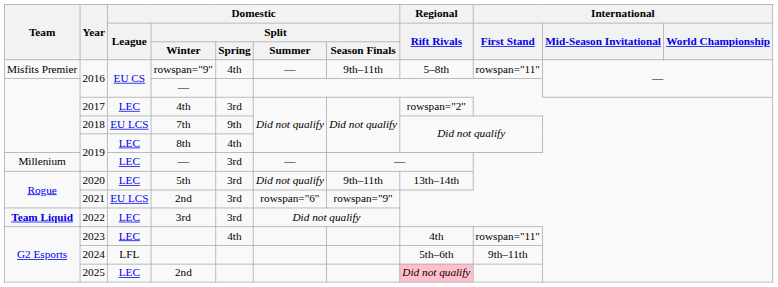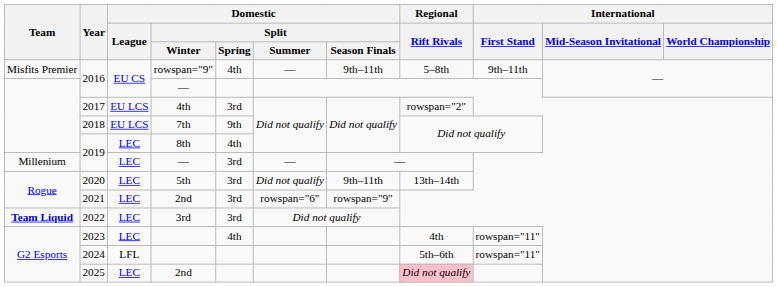 <table class="wikitable" style="font-size:90%; text-align:center;">
 <tr style="background:#f0f6ff;">
 <th rowspan=3>Team</th>
 <th rowspan=3>Year</th>
 <th colspan=5>Domestic</th>
 <th>Regional</th>
 <th colspan=3>International</th>
 </tr>
 <tr>
 <th rowspan=2>League</th>
 <th colspan=4>Split</th>
 <th rowspan=2><a href='#'>Rift Rivals</a></th>
 <th rowspan=2><a href='#'>First Stand</a></th>
 <th rowspan=2><a href='#'>Mid-Season Invitational</a></th>
 <th rowspan=2><a href='#'>World Championship</a></th>
 </tr>
 <tr>
 <th>Winter</th>
 <th>Spring</th>
 <th>Summer</th>
 <th>Season Finals</th>
 </tr>
 <tr>
 <td>Misfits Premier</td>
 <td rowspan="2">2016</td>
 <td rowspan="2"><a href='#'>EU CS</a></td>
 <td>rowspan="9" </td>
 <td>4th</td>
 <td>—</td>
 <td>9th–11th</td>
 <td>5–8th</td>
-<td>rowspan="11" </td>
+<td>9th–11th</td>
 <td colspan="2" rowspan="2">—</td>
 </tr>
 <tr>
 <td rowspan="4"></td>
 <td>—</td>
 <td></td>
 </tr>
 <tr>
 <td>2017</td>
-<td><a href='#'>LEC</a></td>
+<td><a href='#'>EU LCS</a></td>
 <td>4th</td>
 <td>3rd</td>
 <td rowspan="3"><em>Did not qualify</em></td>
 <td rowspan="3"><em>Did not qualify</em></td>
 <td>rowspan="2" </td>
 </tr>
 <tr>
 <td>2018</td>
 <td><a href='#'>EU LCS</a></td>
 <td>7th</td>
 <td>9th</td>
 <td colspan="2" rowspan="2"><em>Did not qualify</em></td>
 </tr>
 <tr>
 <td rowspan="2">2019</td>
 <td><a href='#'>LEC</a></td>
 <td>8th</td>
 <td>4th</td>
 </tr>
 <tr>
 <td>Millenium</td>
 <td><a href='#'>LEC</a></td>
 <td>—</td>
 <td>3rd</td>
 <td>—</td>
 <td colspan="2">—</td>
 </tr>
 <tr>
 <td rowspan="2"><a href='#'>Rogue</a></td>
 <td>2020</td>
 <td><a href='#'>LEC</a></td>
 <td>5th</td>
 <td>3rd</td>
 <td><em>Did not qualify</em></td>
 <td>9th–11th</td>
 <td>13th–14th</td>
 </tr>
 <tr>
 <td>2021</td>
-<td><a href='#'>EU LCS</a></td>
+<td><a href='#'>LEC</a></td>
 <td>2nd</td>
 <td>3rd</td>
 <td>rowspan="6" </td>
 <td>rowspan="9" </td>
 </tr>
 <tr>
 <td><strong><a href='#'>Team Liquid</a></strong></td>
 <td>2022</td>
 <td><a href='#'>LEC</a></td>
 <td>3rd</td>
 <td>3rd</td>
 <td colspan="2"><em>Did not qualify</em></td>
 </tr>
 <tr>
 <td rowspan="3"><a href='#'>G2 Esports</a></td>
 <td>2023</td>
 <td><a href='#'>LEC</a></td>
 <td></td>
 <td>4th</td>
 <td></td>
 <td></td>
 <td>4th</td>
 <td>rowspan="11" </td>
 </tr>
 <tr>
 <td>2024</td>
 <td>LFL</td>
 <td></td>
 <td></td>
 <td></td>
 <td></td>
 <td>5th–6th</td>
-<td>9th–11th</td>
+<td>rowspan="11" </td>
 </tr>
 <tr>
 <td>2025</td>
 <td><a href='#'>LEC</a></td>
 <td>2nd</td>
 <td></td>
 <td></td>
 <td></td>
 <td style="background: pink;"><em>Did not qualify</em></td>
 <td></td>
 </tr>
 </table>
